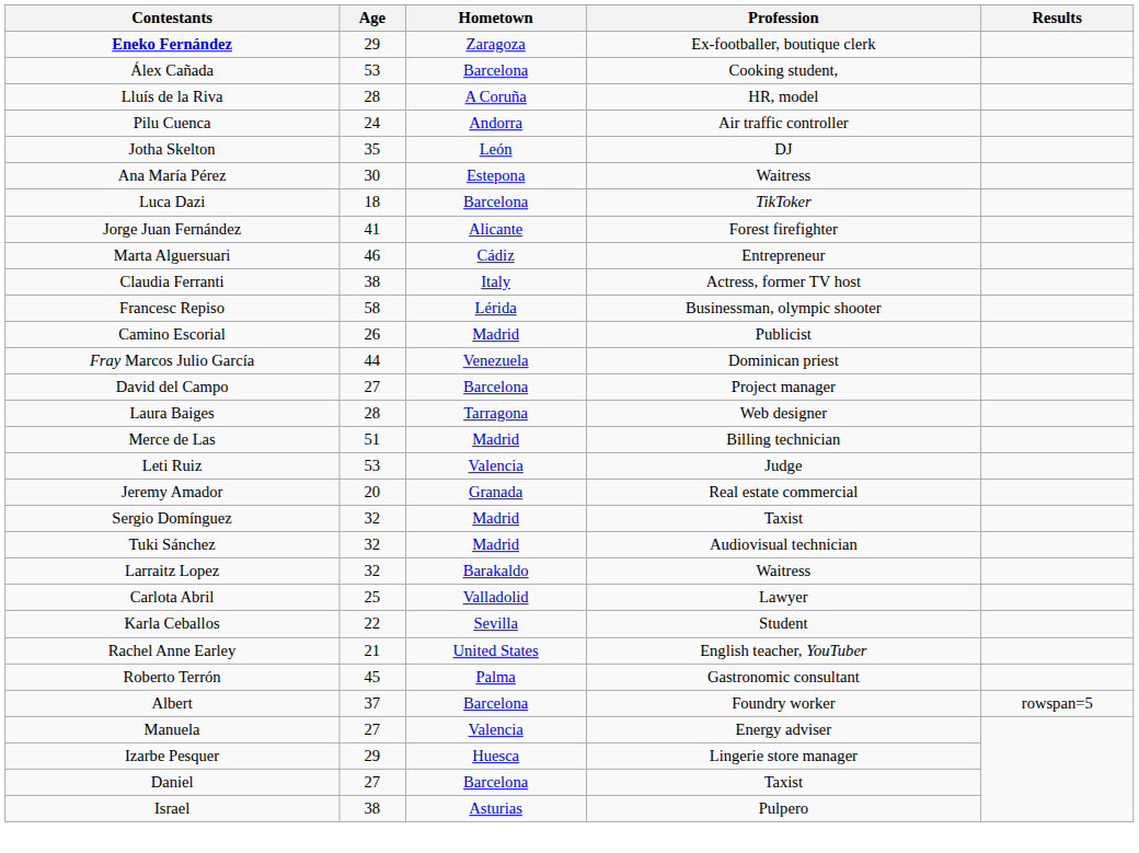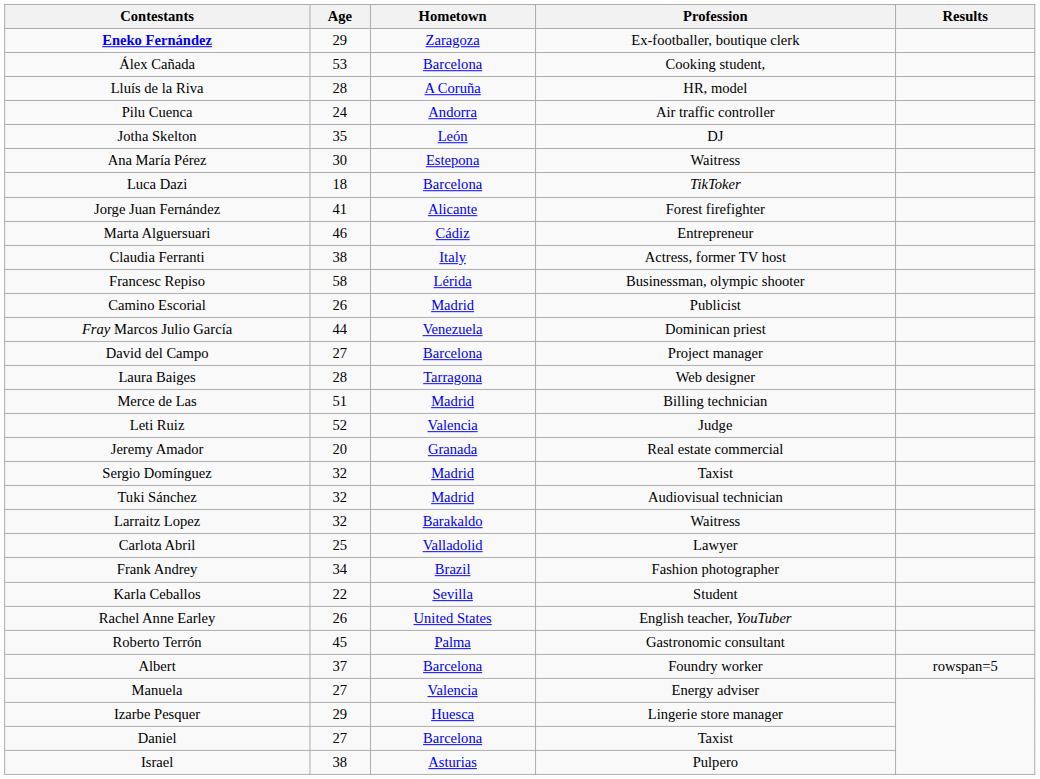 <table class="wikitable sortable" style="margin:auto; text-align:center; width:85%; font-size:95%">
 <tr>
 <th>Contestants</th>
 <th>Age</th>
 <th>Hometown</th>
 <th>Profession</th>
 <th>Results</th>
 </tr>
 <tr>
 <td><strong><a href='#'>Eneko Fernández</a></strong></td>
 <td>29</td>
 <td><a href='#'>Zaragoza</a></td>
 <td>Ex-footballer, boutique clerk</td>
 <td></td>
 </tr>
 <tr>
 <td>Álex Cañada</td>
 <td>53</td>
 <td><a href='#'>Barcelona</a></td>
 <td>Cooking student, </td>
 <td></td>
 </tr>
 <tr>
 <td>Lluís de la Riva</td>
 <td>28</td>
 <td><a href='#'>A Coruña</a></td>
 <td>HR, model</td>
 <td></td>
 </tr>
 <tr>
 <td>Pilu Cuenca</td>
 <td>24</td>
 <td><a href='#'>Andorra</a></td>
 <td>Air traffic controller</td>
 <td></td>
 </tr>
 <tr>
 <td>Jotha Skelton</td>
 <td>35</td>
 <td><a href='#'>León</a></td>
 <td>DJ</td>
 <td></td>
 </tr>
 <tr>
 <td>Ana María Pérez</td>
 <td>30</td>
 <td><a href='#'>Estepona</a></td>
 <td>Waitress</td>
 <td></td>
 </tr>
 <tr>
 <td>Luca Dazi</td>
 <td>18</td>
 <td><a href='#'>Barcelona</a></td>
 <td><em>TikToker</em></td>
 <td></td>
 </tr>
 <tr>
 <td>Jorge Juan Fernández</td>
 <td>41</td>
 <td><a href='#'>Alicante</a></td>
 <td>Forest firefighter</td>
 <td></td>
 </tr>
 <tr>
 <td>Marta Alguersuari</td>
 <td>46</td>
 <td><a href='#'>Cádiz</a></td>
 <td>Entrepreneur</td>
 <td></td>
 </tr>
 <tr>
 <td>Claudia Ferranti</td>
 <td>38</td>
 <td><a href='#'>Italy</a></td>
 <td>Actress, former TV host</td>
 <td></td>
 </tr>
 <tr>
 <td>Francesc Repiso</td>
 <td>58</td>
 <td><a href='#'>Lérida</a></td>
 <td>Businessman, olympic shooter</td>
 <td></td>
 </tr>
 <tr>
 <td>Camino Escorial</td>
 <td>26</td>
 <td><a href='#'>Madrid</a></td>
 <td>Publicist</td>
 <td></td>
 </tr>
 <tr>
 <td><em>Fray</em> Marcos Julio García</td>
 <td>44</td>
 <td><a href='#'>Venezuela</a></td>
 <td>Dominican priest</td>
 <td></td>
 </tr>
 <tr>
 <td>David del Campo</td>
 <td>27</td>
 <td><a href='#'>Barcelona</a></td>
 <td>Project manager</td>
 <td></td>
 </tr>
 <tr>
 <td>Laura Baiges</td>
 <td>28</td>
 <td><a href='#'>Tarragona</a></td>
 <td>Web designer</td>
 <td></td>
 </tr>
 <tr>
 <td>Merce de Las</td>
 <td>51</td>
 <td><a href='#'>Madrid</a></td>
 <td>Billing technician</td>
 <td></td>
 </tr>
 <tr>
 <td>Leti Ruiz</td>
-<td>53</td>
+<td>52</td>
 <td><a href='#'>Valencia</a></td>
 <td>Judge</td>
 <td></td>
 </tr>
 <tr>
 <td>Jeremy Amador</td>
 <td>20</td>
 <td><a href='#'>Granada</a></td>
 <td>Real estate commercial</td>
 <td></td>
 </tr>
 <tr>
 <td>Sergio Domínguez</td>
 <td>32</td>
 <td><a href='#'>Madrid</a></td>
 <td>Taxist</td>
 <td></td>
 </tr>
 <tr>
 <td>Tuki Sánchez</td>
 <td>32</td>
 <td><a href='#'>Madrid</a></td>
 <td>Audiovisual technician</td>
 <td></td>
 </tr>
 <tr>
 <td>Larraitz Lopez</td>
 <td>32</td>
 <td><a href='#'>Barakaldo</a></td>
 <td>Waitress</td>
 <td></td>
 </tr>
 <tr>
 <td>Carlota Abril</td>
 <td>25</td>
 <td><a href='#'>Valladolid</a></td>
 <td>Lawyer</td>
 <td></td>
 </tr>
 <tr>
+<td>Frank Andrey</td>
+<td>34</td>
+<td><a href='#'>Brazil</a></td>
+<td>Fashion photographer</td>
+<td></td>
+</tr>
+<tr>
 <td>Karla Ceballos</td>
 <td>22</td>
 <td><a href='#'>Sevilla</a></td>
 <td>Student</td>
 <td></td>
 </tr>
 <tr>
 <td>Rachel Anne Earley</td>
-<td>21</td>
+<td>26</td>
 <td><a href='#'>United States</a></td>
 <td>English teacher, <em>YouTuber</em></td>
 <td></td>
 </tr>
 <tr>
 <td>Roberto Terrón</td>
 <td>45</td>
 <td><a href='#'>Palma</a></td>
 <td>Gastronomic consultant</td>
 <td></td>
 </tr>
 <tr>
 <td>Albert</td>
 <td>37</td>
 <td><a href='#'>Barcelona</a></td>
 <td>Foundry worker</td>
 <td>rowspan=5 </td>
 </tr>
 <tr>
 <td>Manuela</td>
 <td>27</td>
 <td><a href='#'>Valencia</a></td>
 <td>Energy adviser</td>
 </tr>
 <tr>
 <td>Izarbe Pesquer</td>
 <td>29</td>
 <td><a href='#'>Huesca</a></td>
 <td>Lingerie store manager</td>
 </tr>
 <tr>
 <td>Daniel</td>
 <td>27</td>
 <td><a href='#'>Barcelona</a></td>
 <td>Taxist</td>
 </tr>
 <tr>
 <td>Israel</td>
 <td>38</td>
 <td><a href='#'>Asturias</a></td>
 <td>Pulpero</td>
 </tr>
 </table>
